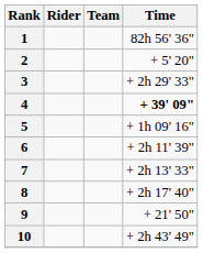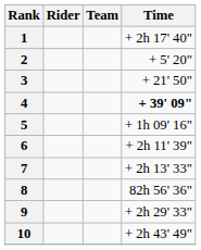 <table class="wikitable">
 <tr>
 <th scope="col">Rank</th>
 <th scope="col">Rider</th>
 <th scope="col">Team</th>
 <th scope="col">Time</th>
 </tr>
 <tr>
 <th scope="row">1</th>
 <td> </td>
 <td></td>
-<td style="text-align:right;">82h 56' 36"</td>
+<td style="text-align:right;">+ 2h 17' 40"</td>
 </tr>
 <tr>
 <th scope="row">2</th>
 <td></td>
 <td></td>
 <td style="text-align:right;">+ 5' 20"</td>
 </tr>
 <tr>
 <th scope="row">3</th>
 <td></td>
 <td></td>
-<td style="text-align:right;">+ 2h 29' 33"</td>
+<td style="text-align:right;">+ 21' 50"</td>
 </tr>
 <tr>
 <th scope="row">4</th>
 <td></td>
 <td></td>
 <td style="text-align:right;"><strong>+ 39' 09"</strong></td>
 </tr>
 <tr>
 <th scope="row">5</th>
 <td></td>
 <td></td>
 <td style="text-align:right;">+ 1h 09' 16"</td>
 </tr>
 <tr>
 <th scope="row">6</th>
 <td></td>
 <td></td>
 <td style="text-align:right;">+ 2h 11' 39"</td>
 </tr>
 <tr>
 <th scope="row">7</th>
 <td></td>
 <td></td>
 <td style="text-align:right;">+ 2h 13' 33"</td>
 </tr>
 <tr>
 <th scope="row">8</th>
 <td></td>
 <td></td>
-<td style="text-align:right;">+ 2h 17' 40"</td>
+<td style="text-align:right;">82h 56' 36"</td>
 </tr>
 <tr>
 <th scope="row">9</th>
 <td></td>
 <td></td>
-<td style="text-align:right;">+ 21' 50"</td>
+<td style="text-align:right;">+ 2h 29' 33"</td>
 </tr>
 <tr>
 <th scope="row">10</th>
 <td></td>
 <td></td>
 <td style="text-align:right;">+ 2h 43' 49"</td>
 </tr>
 <tr>
 </tr>
 </table>
